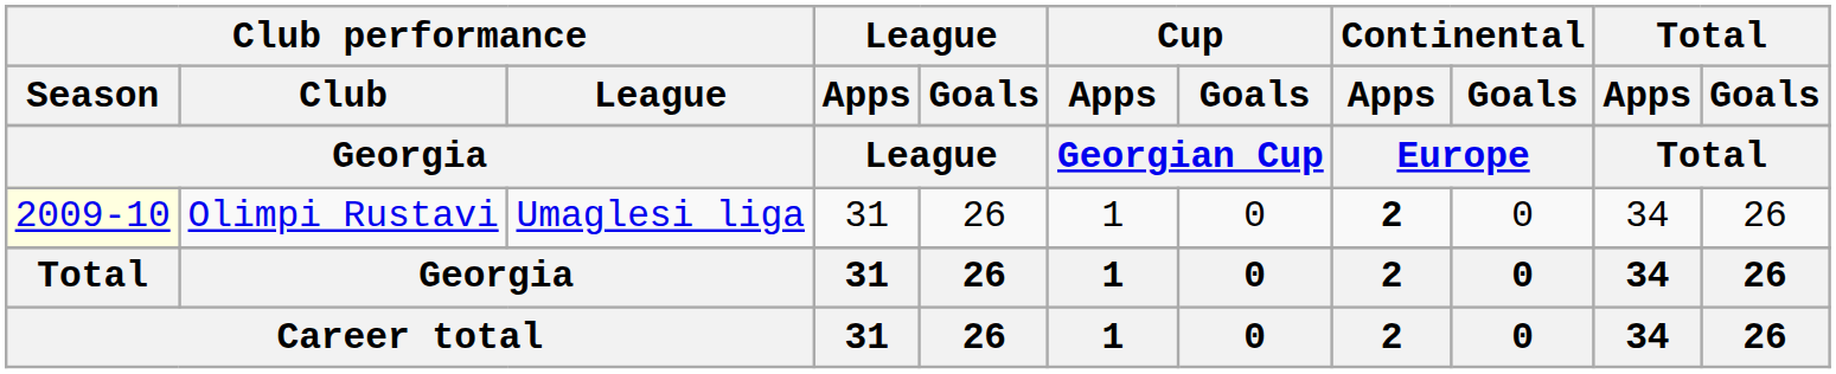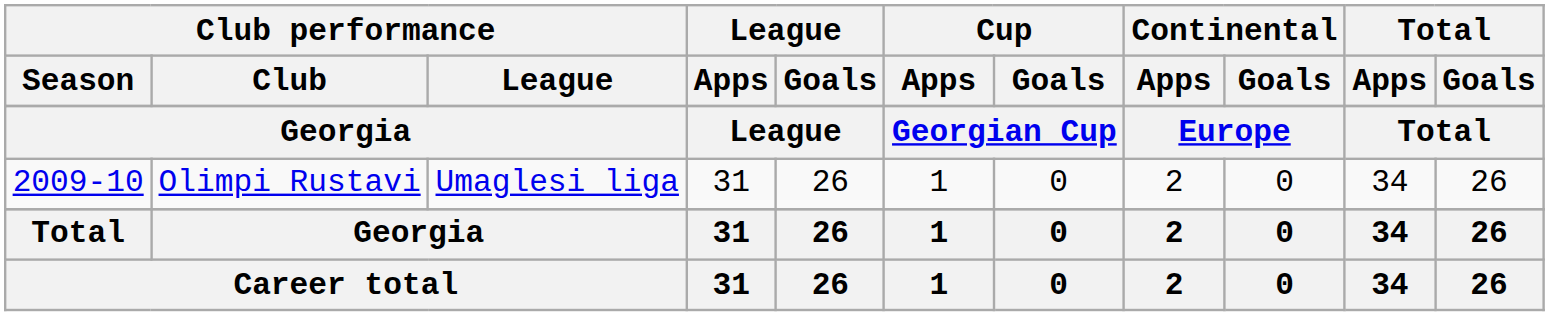 <table class="wikitable" style="text-align:center">
 <tr>
 <th colspan=3>Club performance</th>
 <th colspan=2>League</th>
 <th colspan=2>Cup</th>
 <th colspan=2>Continental</th>
 <th colspan=2>Total</th>
 </tr>
 <tr>
 <th>Season</th>
 <th>Club</th>
 <th>League</th>
 <th>Apps</th>
 <th>Goals</th>
 <th>Apps</th>
 <th>Goals</th>
 <th>Apps</th>
 <th>Goals</th>
 <th>Apps</th>
 <th>Goals</th>
 </tr>
 <tr>
 </tr>
 <tr>
 <th colspan=3>Georgia</th>
 <th colspan=2>League</th>
 <th colspan=2><a href='#'>Georgian Cup</a></th>
 <th colspan=2><a href='#'>Europe</a></th>
 <th colspan=2>Total</th>
 </tr>
 <tr>
-<td style="background: lightyellow;"><a href='#'>2009-10</a></td>
+<td><a href='#'>2009-10</a></td>
 <td rowspan="1"><a href='#'>Olimpi Rustavi</a></td>
 <td rowspan="1"><a href='#'>Umaglesi liga</a></td>
 <td>31</td>
 <td>26</td>
 <td>1</td>
 <td>0</td>
-<td><strong>2</strong></td>
+<td>2</td>
 <td>0</td>
 <td>34</td>
 <td>26</td>
 </tr>
 <tr>
 </tr>
 <tr>
 <th rowspan=1>Total</th>
 <th colspan=2>Georgia</th>
 <th>31</th>
 <th>26</th>
 <th>1</th>
 <th>0</th>
 <th>2</th>
 <th>0</th>
 <th>34</th>
 <th>26</th>
 </tr>
 <tr>
 <th colspan=3>Career total</th>
 <th>31</th>
 <th>26</th>
 <th>1</th>
 <th>0</th>
 <th>2</th>
 <th>0</th>
 <th>34</th>
 <th>26</th>
 </tr>
 </table>
